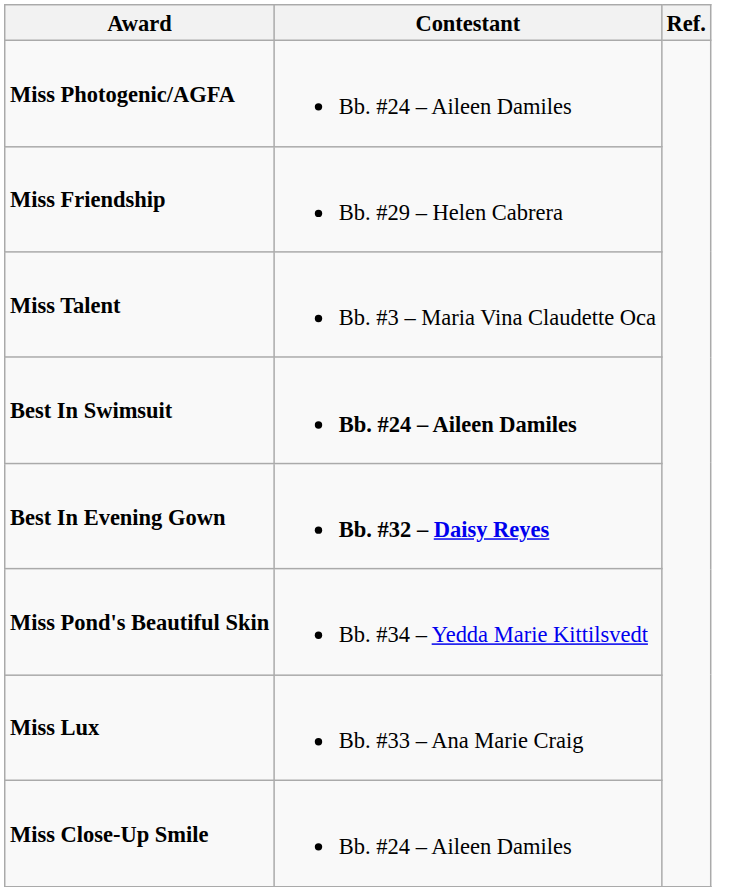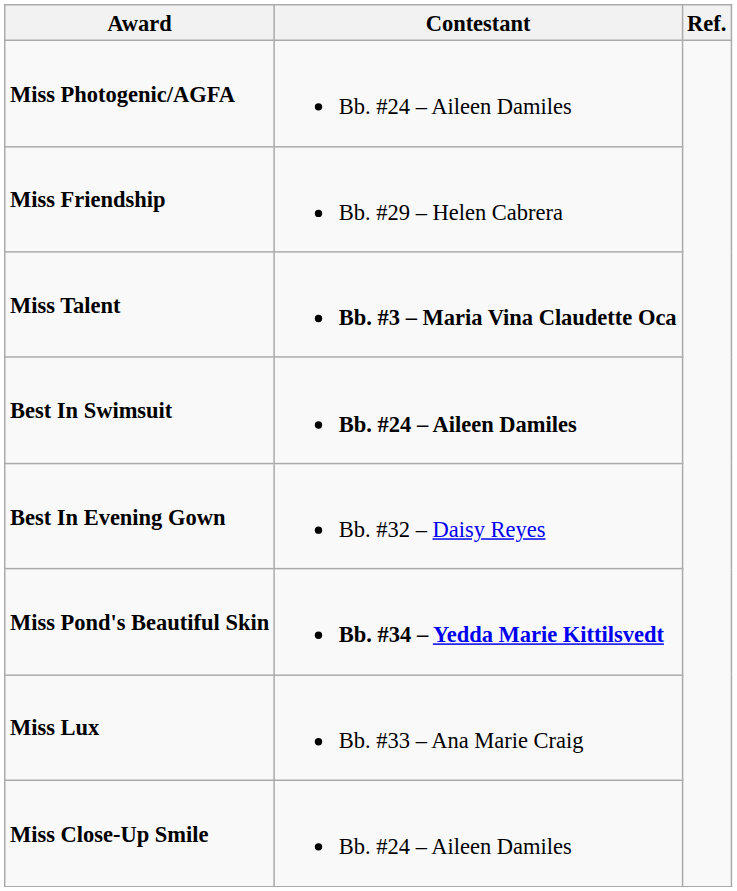 <table class="wikitable sortable" style="text-align:left; font-size:95%; line-height:17px; width:auto;">
 <tr>
 <th>Award</th>
 <th>Contestant</th>
 <th>Ref.</th>
 </tr>
 <tr>
 <td><strong>Miss Photogenic/AGFA</strong></td>
 <td><br><ul><li>Bb. #24 – Aileen Damiles</li></ul></td>
 <td rowspan="8" align="center"></td>
 </tr>
 <tr>
 <td><strong>Miss Friendship</strong></td>
 <td><br><ul><li>Bb. #29 – Helen Cabrera</li></ul></td>
 </tr>
 <tr>
 <td><strong>Miss Talent</strong></td>
-<td><br><ul><li>Bb. #3 – Maria Vina Claudette Oca</li></ul></td>
+<td><strong><br><ul><li>Bb. #3 – Maria Vina Claudette Oca</li></ul></strong></td>
 </tr>
 <tr>
 <td><strong>Best In Swimsuit</strong></td>
 <td><strong><br><ul><li>Bb. #24 – Aileen Damiles</li></ul></strong></td>
 </tr>
 <tr>
 <td><strong>Best In Evening Gown</strong></td>
-<td><strong><br><ul><li>Bb. #32 – <a href='#'>Daisy Reyes</a></li></ul></strong></td>
+<td><br><ul><li>Bb. #32 – <a href='#'>Daisy Reyes</a></li></ul></td>
 </tr>
 <tr>
 <td><strong>Miss Pond's Beautiful Skin</strong></td>
-<td><br><ul><li>Bb. #34 – <a href='#'>Yedda Marie Kittilsvedt</a></li></ul></td>
+<td><strong><br><ul><li>Bb. #34 – <a href='#'>Yedda Marie Kittilsvedt</a></li></ul></strong></td>
 </tr>
 <tr>
 <td><strong>Miss Lux</strong></td>
 <td><br><ul><li>Bb. #33 – Ana Marie Craig</li></ul></td>
 </tr>
 <tr>
 <td><strong>Miss Close-Up Smile</strong></td>
 <td><br><ul><li>Bb. #24 – Aileen Damiles</li></ul></td>
 </tr>
 <tr>
 </tr>
 </table>
